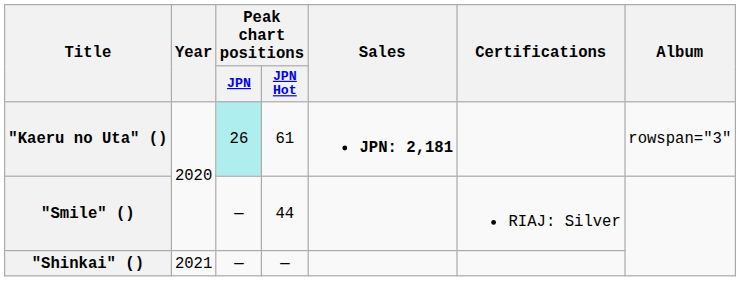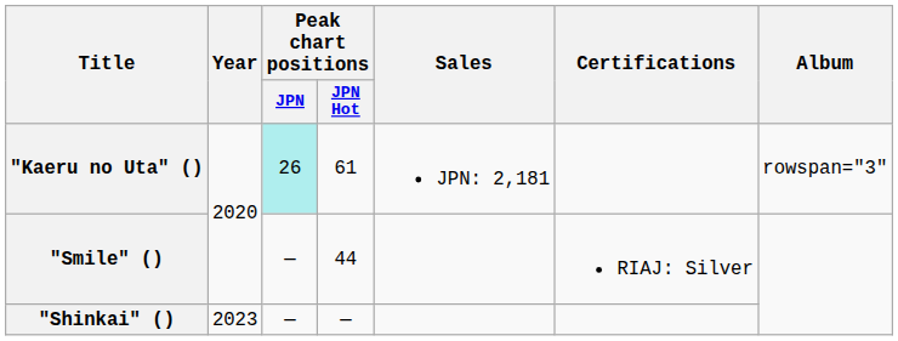 <table class="wikitable plainrowheaders" style="text-align:center">
 <tr>
 <th scope="col" rowspan="2">Title</th>
 <th scope="col" rowspan="2">Year</th>
 <th scope="col" colspan="2">Peak chart<br>positions</th>
 <th scope="col" rowspan="2">Sales</th>
 <th scope="col" rowspan="2">Certifications</th>
 <th scope="col" rowspan="2">Album</th>
 </tr>
 <tr>
 <th scope="col" style="width:2.7em;font-size:85%;"><a href='#'>JPN</a><br></th>
 <th scope="col" style="width:2.7em;font-size:85%;"><a href='#'>JPN<br>Hot</a><br></th>
 </tr>
 <tr>
 <th scope="row">"Kaeru no Uta" ()</th>
 <td rowspan="2">2020</td>
 <td style="background: paleturquoise;">26</td>
 <td>61</td>
-<td><strong><br><ul><li>JPN: 2,181 </li></ul></strong></td>
+<td><br><ul><li>JPN: 2,181 </li></ul></td>
 <td></td>
 <td>rowspan="3" </td>
 </tr>
 <tr>
 <th scope="row">"Smile" ()</th>
 <td>—</td>
 <td>44</td>
 <td></td>
 <td><br><ul><li>RIAJ: Silver </li></ul></td>
 </tr>
 <tr>
 <th scope="row">"Shinkai" ()</th>
-<td>2021</td>
+<td>2023</td>
 <td>—</td>
 <td>—</td>
 <td></td>
 <td></td>
 </tr>
 </table>
